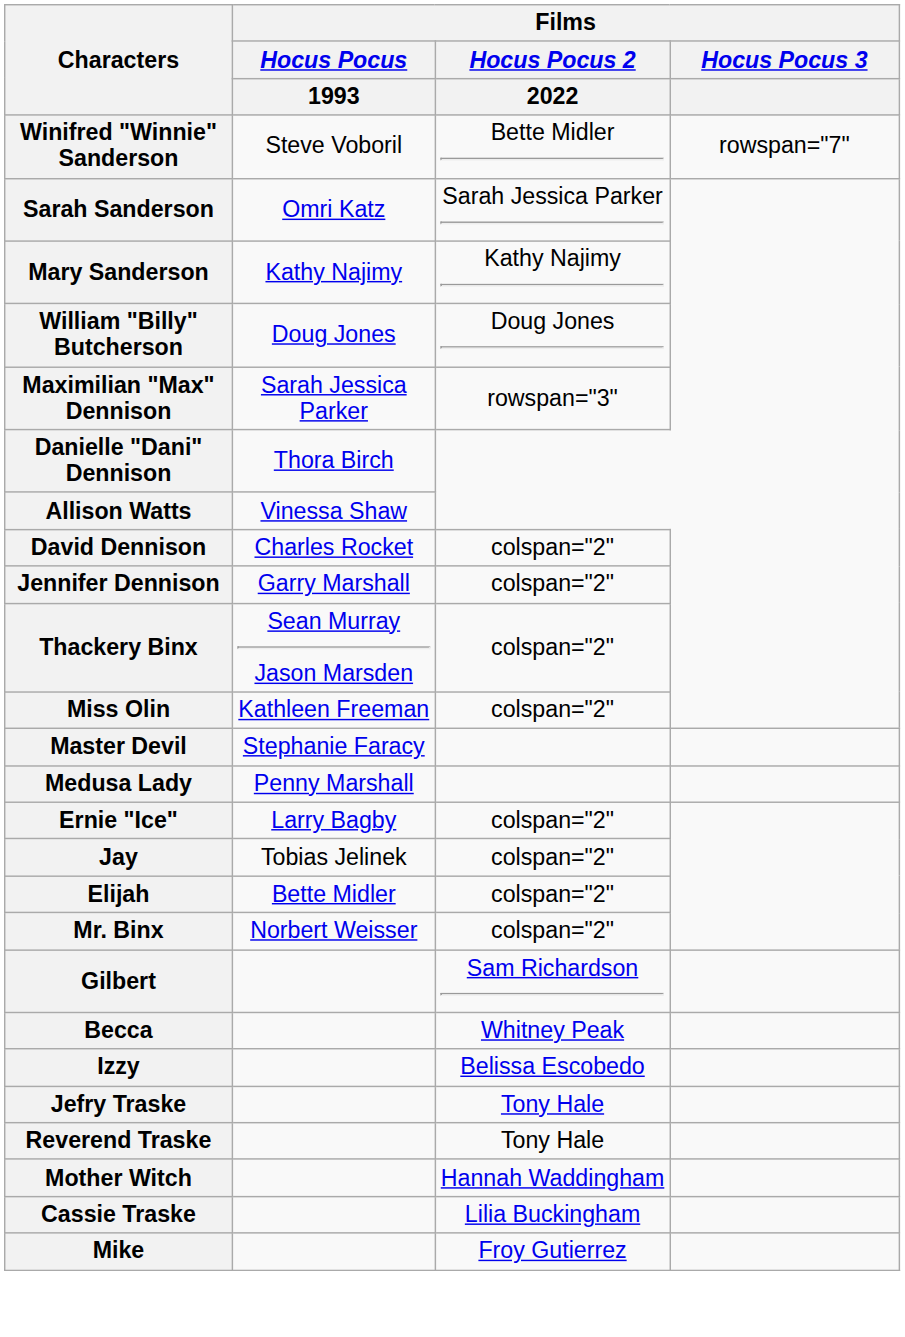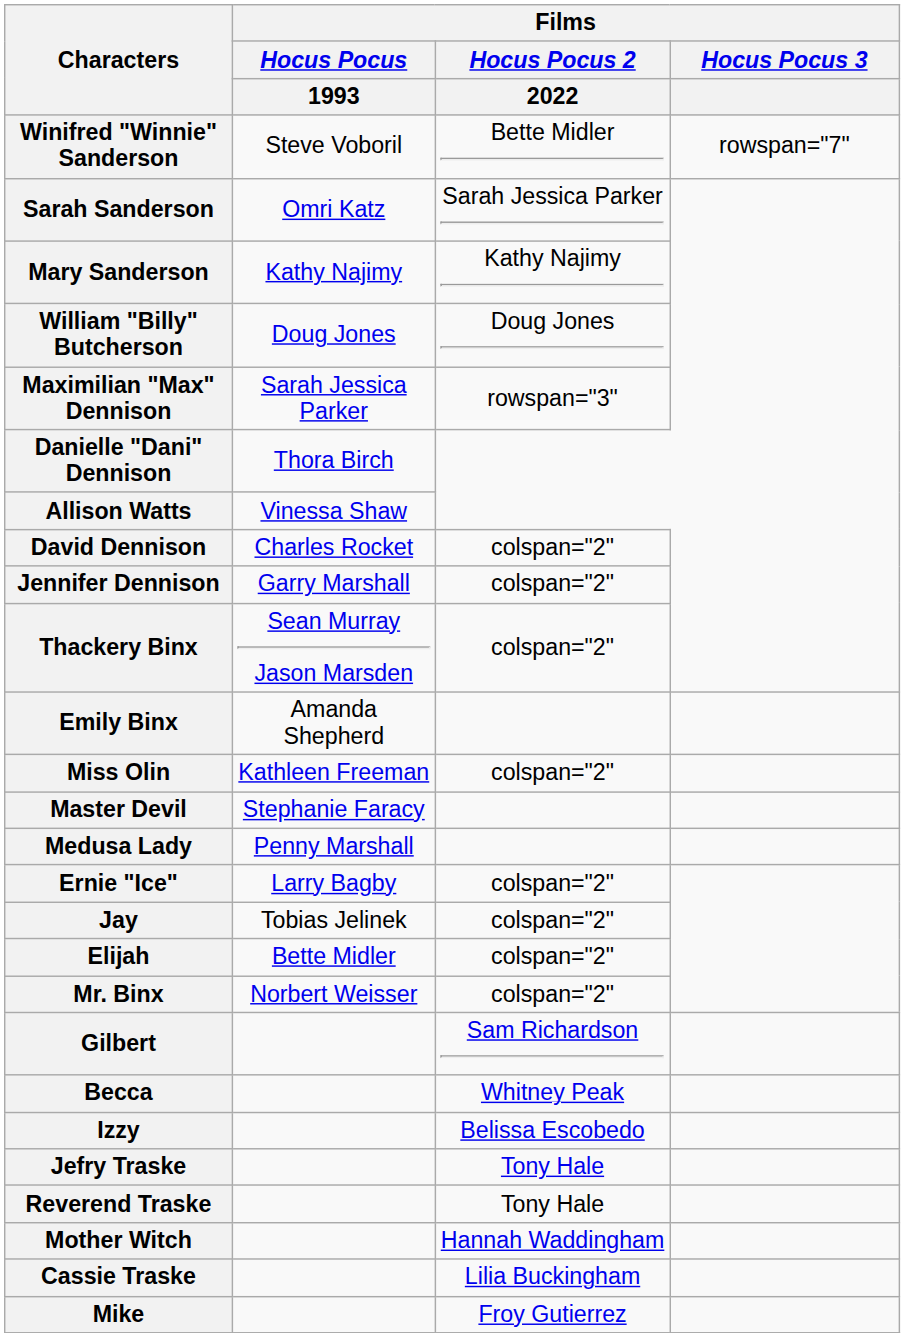 <table class="wikitable" style="text-align:center; width:99%;">
 <tr>
 <th rowspan="3" width="10%">Characters</th>
 <th colspan="3">Films</th>
 </tr>
 <tr>
 <th align="center" width="10%"><em><a href='#'>Hocus Pocus</a></em></th>
 <th align="center" width="10%"><em><a href='#'>Hocus Pocus 2</a></em></th>
 <th align="center" width="10%"><em><a href='#'>Hocus Pocus 3</a></em></th>
 </tr>
 <tr>
 <th>1993</th>
 <th>2022</th>
 <th></th>
 </tr>
 <tr>
 <th>Winifred "Winnie" Sanderson</th>
 <td>Steve Voboril</td>
 <td>Bette Midler<hr></td>
 <td>rowspan="7" </td>
 </tr>
 <tr>
 <th>Sarah Sanderson</th>
 <td><a href='#'>Omri Katz</a></td>
 <td>Sarah Jessica Parker<hr></td>
 </tr>
 <tr>
 <th>Mary Sanderson</th>
 <td><a href='#'>Kathy Najimy</a></td>
 <td>Kathy Najimy<hr></td>
 </tr>
 <tr>
 <th>William "Billy" Butcherson</th>
 <td><a href='#'>Doug Jones</a></td>
 <td>Doug Jones<hr></td>
 </tr>
 <tr>
 <th>Maximilian "Max" Dennison</th>
 <td><a href='#'>Sarah Jessica Parker</a></td>
 <td>rowspan="3" </td>
 </tr>
 <tr>
 <th>Danielle "Dani" Dennison</th>
 <td><a href='#'>Thora Birch</a></td>
 </tr>
 <tr>
 <th>Allison Watts</th>
 <td><a href='#'>Vinessa Shaw</a></td>
 </tr>
 <tr>
 <th>David Dennison</th>
 <td><a href='#'>Charles Rocket</a></td>
 <td>colspan="2" </td>
 </tr>
 <tr>
 <th>Jennifer Dennison</th>
 <td><a href='#'>Garry Marshall</a></td>
 <td>colspan="2" </td>
 </tr>
 <tr>
 <th>Thackery Binx</th>
 <td><a href='#'>Sean Murray</a><hr><a href='#'>Jason Marsden</a></td>
 <td>colspan="2" </td>
+</tr>
+<tr>
+<th>Emily Binx</th>
+<td>Amanda Shepherd</td>
+<td></td>
+<td></td>
 </tr>
 <tr>
 <th>Miss Olin</th>
 <td><a href='#'>Kathleen Freeman</a></td>
 <td>colspan="2" </td>
 </tr>
 <tr>
 <th>Master Devil</th>
 <td><a href='#'>Stephanie Faracy</a></td>
 <td></td>
 <td></td>
 </tr>
 <tr>
 <th>Medusa Lady</th>
 <td><a href='#'>Penny Marshall</a></td>
 <td></td>
 <td></td>
 </tr>
 <tr>
 <th>Ernie "Ice"</th>
 <td><a href='#'>Larry Bagby</a></td>
 <td>colspan="2" </td>
 </tr>
 <tr>
 <th>Jay</th>
 <td>Tobias Jelinek</td>
 <td>colspan="2" </td>
 </tr>
 <tr>
 <th>Elijah</th>
 <td><a href='#'>Bette Midler</a></td>
 <td>colspan="2" </td>
 </tr>
 <tr>
 <th>Mr. Binx</th>
 <td><a href='#'>Norbert Weisser</a></td>
 <td>colspan="2" </td>
 </tr>
 <tr>
 <th>Gilbert</th>
 <td></td>
 <td><a href='#'>Sam Richardson</a><hr></td>
 <td></td>
 </tr>
 <tr>
 <th>Becca</th>
 <td></td>
 <td><a href='#'>Whitney Peak</a></td>
 <td></td>
 </tr>
 <tr>
 <th>Izzy</th>
 <td></td>
 <td><a href='#'>Belissa Escobedo</a></td>
 <td></td>
 </tr>
 <tr>
 <th>Jefry Traske</th>
 <td></td>
 <td><a href='#'>Tony Hale</a></td>
 <td></td>
 </tr>
 <tr>
 <th>Reverend Traske</th>
 <td></td>
 <td>Tony Hale</td>
 <td></td>
 </tr>
 <tr>
 <th>Mother Witch</th>
 <td></td>
 <td><a href='#'>Hannah Waddingham</a></td>
 <td></td>
 </tr>
 <tr>
 <th>Cassie Traske</th>
 <td></td>
 <td><a href='#'>Lilia Buckingham</a></td>
 <td></td>
 </tr>
 <tr>
 <th>Mike</th>
 <td></td>
 <td><a href='#'>Froy Gutierrez</a></td>
 <td></td>
 </tr>
 <tr>
 </tr>
 </table>
